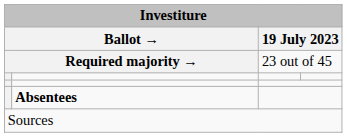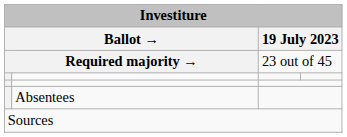 <table class="wikitable">
 <tr>
 <td colspan="4" bgcolor="#C0C0C0" align="center"><strong>Investiture</strong></td>
 </tr>
 <tr>
 <th colspan="2" width="275px">Ballot →</th>
 <th colspan="2">19 July 2023</th>
 </tr>
 <tr>
 <th colspan="2">Required majority →</th>
 <td colspan="2">23 out of 45</td>
 </tr>
 <tr>
 <th width="1px"></th>
 <td align="left"></td>
 <td></td>
 <td></td>
 </tr>
 <tr>
 <th></th>
 <td align="left"></td>
 <td colspan="2"></td>
 </tr>
 <tr>
 <th></th>
-<td align="left"><strong>Absentees</strong></td>
+<td align="left">Absentees</td>
 <td colspan="2"></td>
 </tr>
 <tr>
 <td colspan="4" align="left">Sources</td>
 </tr>
 </table>
